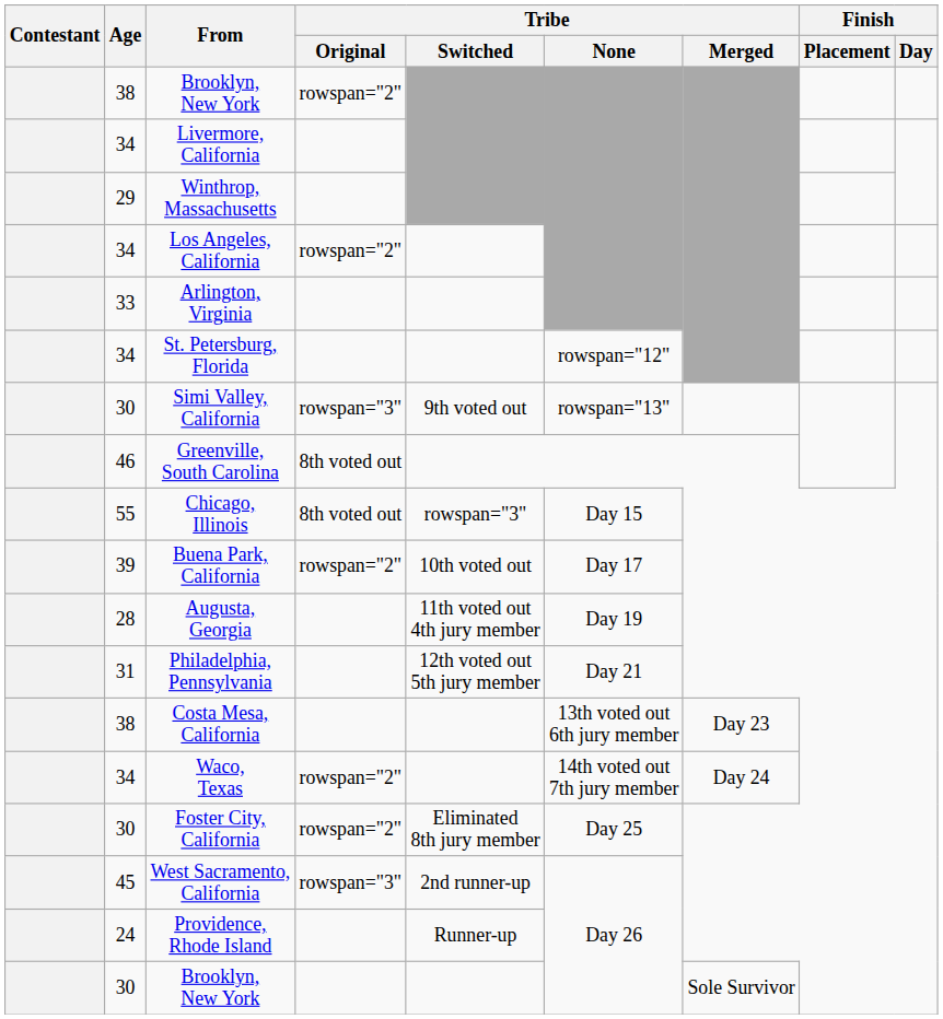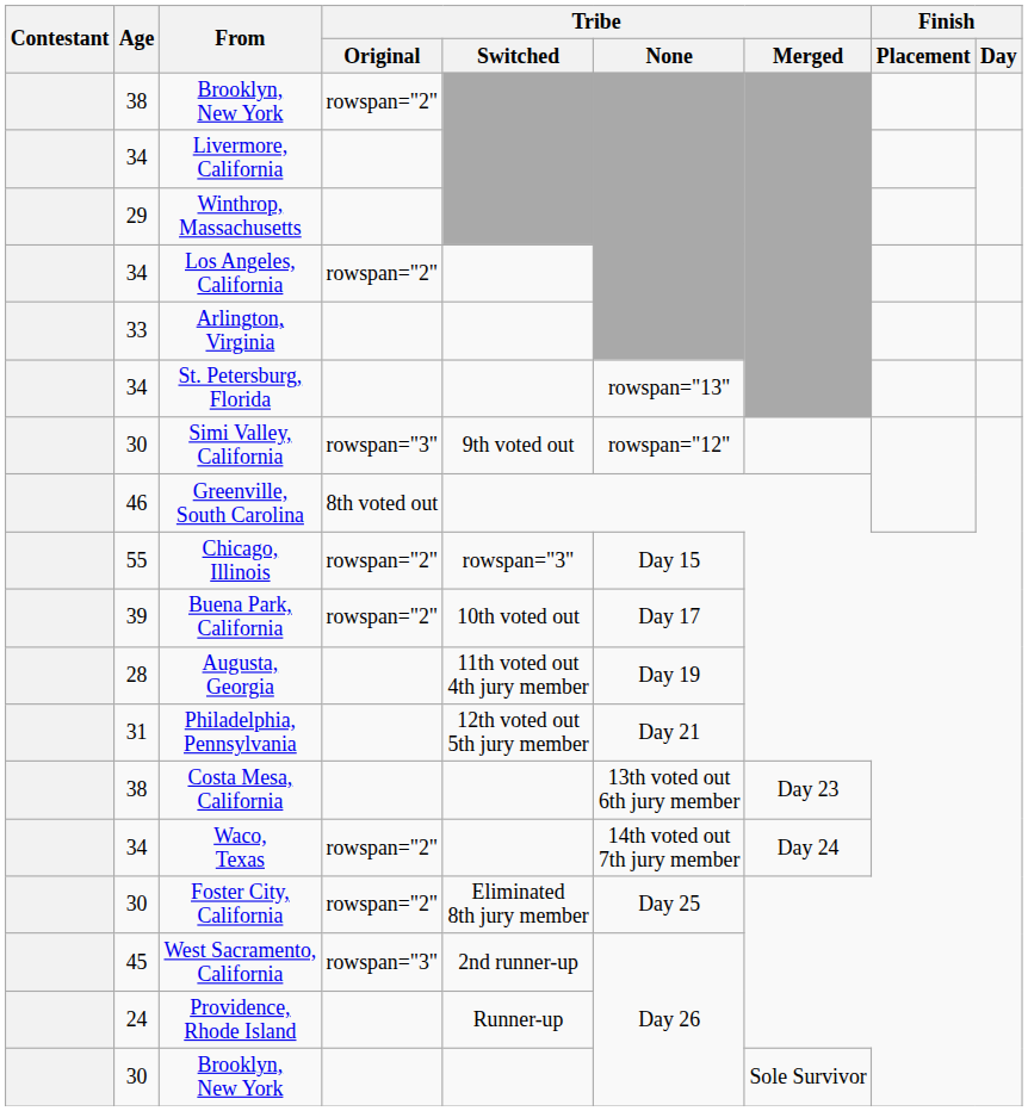 <table class="wikitable sortable" style="text-align:center;">
 <tr>
 <th rowspan="2" scope="col">Contestant</th>
 <th rowspan="2" scope="col">Age</th>
 <th rowspan="2" scope="col" class="unsortable">From</th>
 <th colspan="4" scope="colgroup">Tribe</th>
 <th colspan="2" scope="col" class="unsortable">Finish</th>
 </tr>
 <tr>
 <th scope="col">Original</th>
 <th scope="col">Switched</th>
 <th scope="col" class="unsortable">None</th>
 <th scope="col" class="unsortable">Merged</th>
 <th scope="col">Placement</th>
 <th scope="col" class="unsortable">Day</th>
 </tr>
 <tr>
 <th scope="row" style="text-align:left"></th>
 <td>38</td>
 <td><a href='#'>Brooklyn,<br>New York</a></td>
 <td>rowspan="2" </td>
 <td rowspan="3" bgcolor="darkgray"></td>
 <td rowspan="5" bgcolor="darkgray"></td>
 <td rowspan="6" bgcolor="darkgray"></td>
 <td></td>
 <td></td>
 </tr>
 <tr>
 <th scope="row" style="text-align:left"></th>
 <td>34</td>
 <td><a href='#'>Livermore,<br>California</a></td>
 <td></td>
 <td></td>
 </tr>
 <tr>
 <th scope="row" style="text-align:left"></th>
 <td>29</td>
 <td><a href='#'>Winthrop,<br>Massachusetts</a></td>
 <td></td>
 <td></td>
 </tr>
 <tr>
 <th scope="row" style="text-align:left"></th>
 <td>34</td>
 <td><a href='#'>Los Angeles,<br>California</a></td>
 <td>rowspan="2" </td>
 <td></td>
 <td></td>
 <td></td>
 </tr>
 <tr>
 <th scope="row" style="text-align:left"></th>
 <td>33</td>
 <td><a href='#'>Arlington,<br>Virginia</a></td>
 <td></td>
 <td></td>
 <td></td>
 </tr>
 <tr>
 <th scope="row" style="text-align:left"></th>
 <td>34</td>
 <td><a href='#'>St. Petersburg,<br>Florida</a></td>
 <td></td>
 <td></td>
-<td>rowspan="12" </td>
+<td>rowspan="13" </td>
 <td></td>
 <td></td>
 </tr>
 <tr>
 <th scope="row" style="text-align:left"></th>
 <td>30</td>
 <td><a href='#'>Simi Valley,<br>California</a></td>
 <td>rowspan="3"  </td>
 <td>9th voted out<br></td>
-<td>rowspan="13" </td>
+<td>rowspan="12" </td>
 <td></td>
 <td rowspan="2"></td>
 </tr>
 <tr>
 <th scope="row" style="text-align:left"></th>
 <td>46</td>
 <td><a href='#'>Greenville,<br>South Carolina</a></td>
 <td>8th voted out<br></td>
 </tr>
 <tr>
 <th scope="row" style="text-align:left"></th>
 <td>55</td>
 <td><a href='#'>Chicago,<br>Illinois</a></td>
-<td>8th voted out<br></td>
+<td>rowspan="2" </td>
 <td>rowspan="3" </td>
 <td>Day 15</td>
 </tr>
 <tr>
 <th scope="row" style="text-align:left"></th>
 <td>39</td>
 <td><a href='#'>Buena Park,<br>California</a></td>
 <td>rowspan="2" </td>
 <td>10th voted out<br></td>
 <td>Day 17</td>
 </tr>
 <tr>
 <th scope="row" style="text-align:left"></th>
 <td>28</td>
 <td><a href='#'>Augusta,<br>Georgia</a></td>
 <td></td>
 <td>11th voted out<br>4th jury member</td>
 <td>Day 19</td>
 </tr>
 <tr>
 <th scope="row" style="text-align:left"></th>
 <td>31</td>
 <td><a href='#'>Philadelphia,<br>Pennsylvania</a></td>
 <td></td>
 <td>12th voted out<br>5th jury member</td>
 <td>Day 21</td>
 </tr>
 <tr>
 <th scope="row" style="text-align:left"></th>
 <td>38</td>
 <td><a href='#'>Costa Mesa,<br>California</a></td>
 <td></td>
 <td></td>
 <td>13th voted out<br>6th jury member</td>
 <td>Day 23</td>
 </tr>
 <tr>
 <th scope="row" style="text-align:left"></th>
 <td>34</td>
 <td><a href='#'>Waco,<br>Texas</a></td>
 <td>rowspan="2" </td>
 <td></td>
 <td>14th voted out<br>7th jury member</td>
 <td>Day 24</td>
 </tr>
 <tr>
 <th scope="row" style="text-align:left"></th>
 <td>30</td>
 <td><a href='#'>Foster City,<br>California</a></td>
 <td>rowspan="2" </td>
 <td>Eliminated<br>8th jury member</td>
 <td>Day 25</td>
 </tr>
 <tr>
 <th scope="row" style="text-align:left"></th>
 <td>45</td>
 <td><a href='#'>West Sacramento,<br>California</a></td>
 <td>rowspan="3" </td>
 <td>2nd runner-up</td>
 <td rowspan="3">Day 26</td>
 </tr>
 <tr>
 <th scope="row" style="text-align:left"></th>
 <td>24</td>
 <td><a href='#'>Providence,<br>Rhode Island</a></td>
 <td></td>
 <td>Runner-up</td>
 </tr>
 <tr>
 <th scope="row" style="text-align:left"></th>
 <td>30</td>
 <td><a href='#'>Brooklyn,<br>New York</a></td>
 <td></td>
 <td></td>
 <td>Sole Survivor</td>
 </tr>
 </table>
